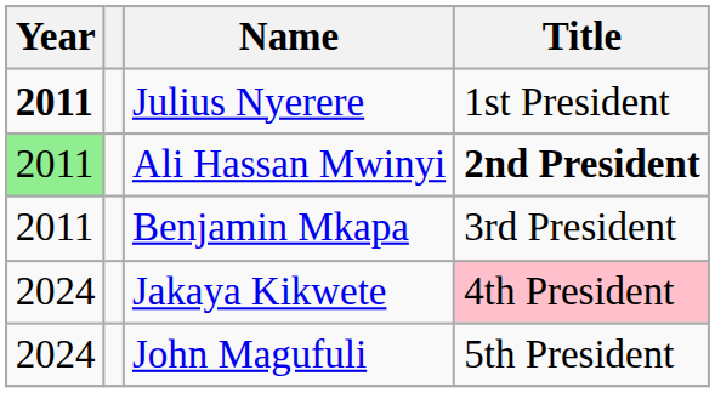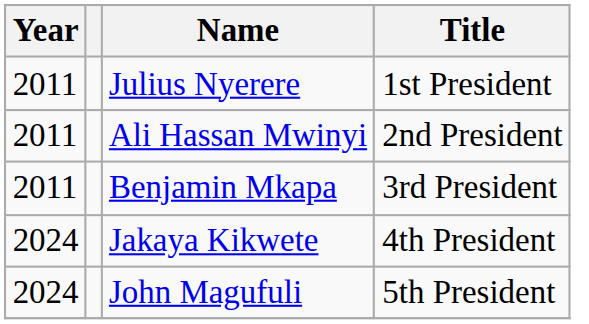 <table class="wikitable">
 <tr>
 <th>Year</th>
 <th></th>
 <th>Name</th>
 <th>Title</th>
 </tr>
 <tr>
-<td><strong>2011</strong></td>
+<td>2011</td>
 <td></td>
 <td><a href='#'>Julius Nyerere</a> </td>
 <td>1st President</td>
 </tr>
 <tr>
-<td style="background: lightgreen;">2011</td>
+<td>2011</td>
 <td></td>
 <td><a href='#'>Ali Hassan Mwinyi</a></td>
-<td><strong>2nd President</strong></td>
+<td>2nd President</td>
 </tr>
 <tr>
 <td>2011</td>
 <td></td>
 <td><a href='#'>Benjamin Mkapa</a></td>
 <td>3rd President</td>
 </tr>
 <tr>
 <td>2024</td>
 <td></td>
 <td><a href='#'>Jakaya Kikwete</a></td>
-<td style="background: pink;">4th President</td>
+<td>4th President</td>
 </tr>
 <tr>
 <td>2024</td>
 <td></td>
 <td><a href='#'>John Magufuli</a> </td>
 <td>5th President</td>
 </tr>
 <tr>
 </tr>
 </table>
